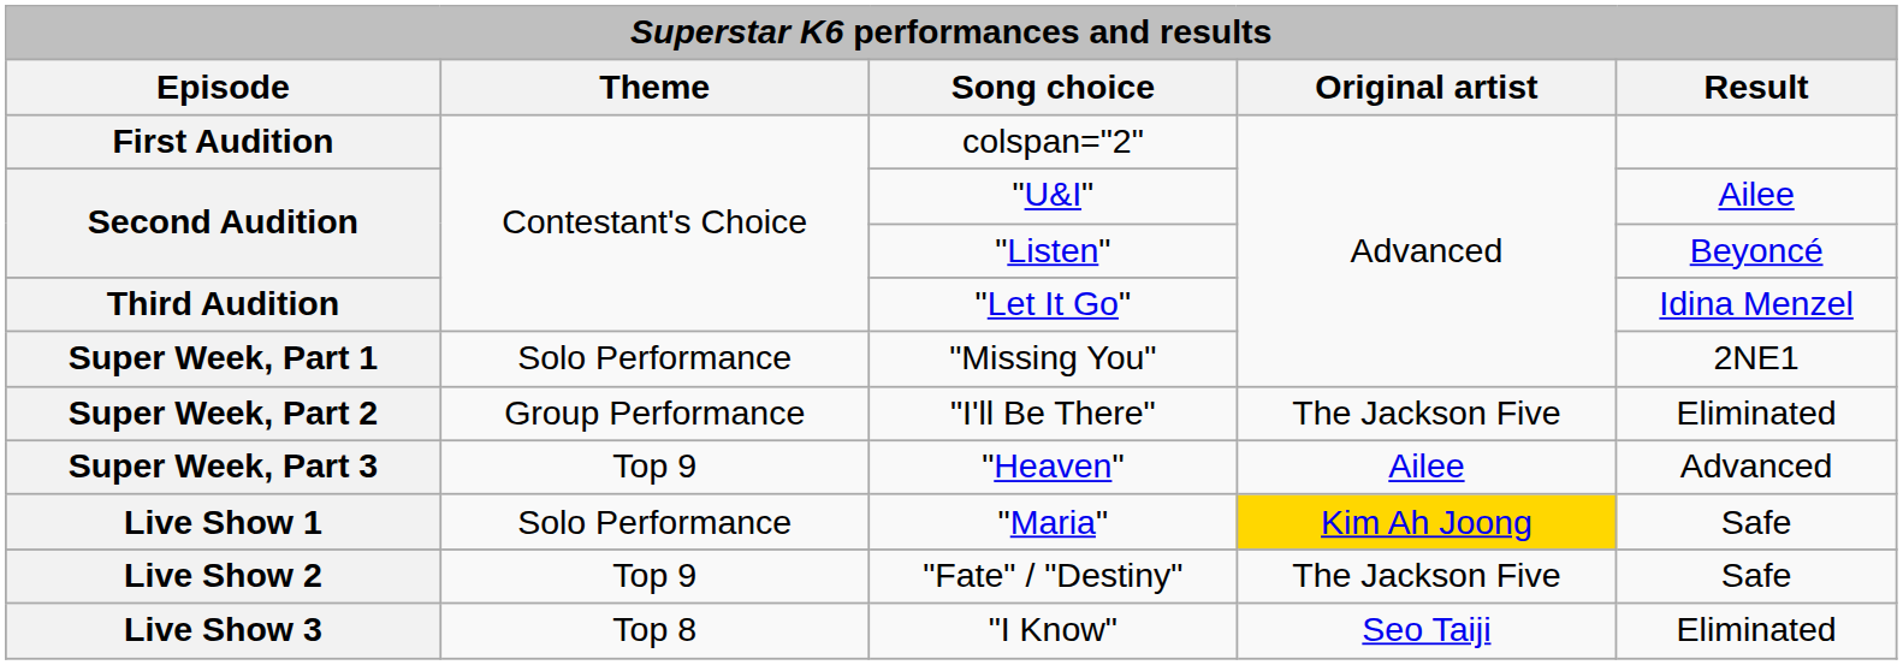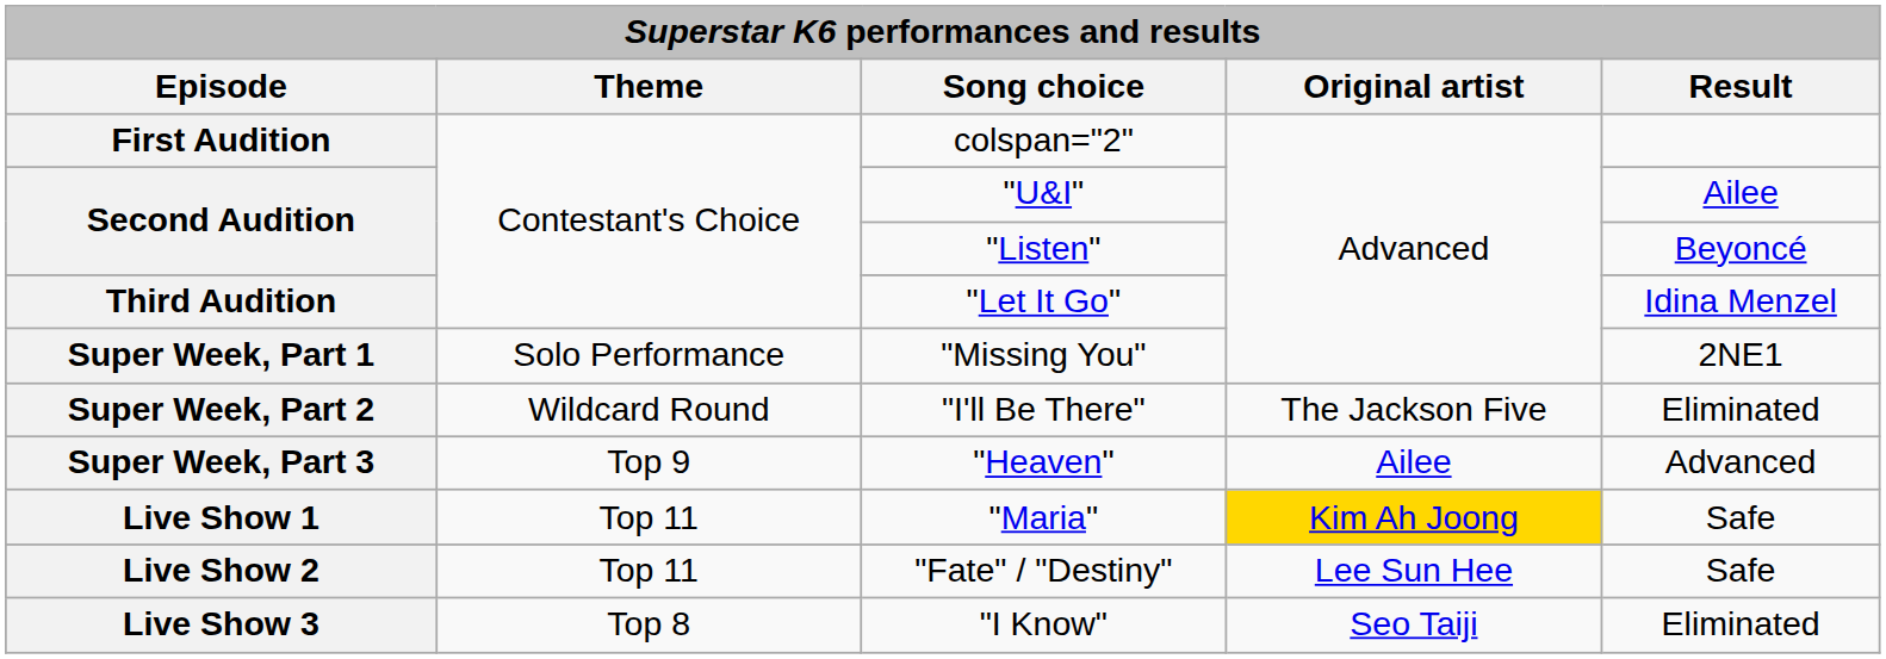 <table class="wikitable collapsible collapsed" style="width:100%; margin:1em auto 1em auto; text-align:center;">
 <tr>
 <th colspan="7" style="background:#BFBFBF;"><em>Superstar K6</em> performances and results</th>
 </tr>
 <tr>
 <th>Episode</th>
 <th>Theme</th>
 <th>Song choice</th>
 <th>Original artist</th>
 <th>Result</th>
 </tr>
 <tr>
 <th>First Audition</th>
 <td rowspan="4">Contestant's Choice</td>
 <td>colspan="2" </td>
 <td rowspan="5">Advanced</td>
 </tr>
 <tr>
 <th rowspan=2>Second Audition</th>
 <td>"<a href='#'>U&I</a>"</td>
 <td><a href='#'>Ailee</a></td>
 </tr>
 <tr>
 <td>"<a href='#'>Listen</a>"</td>
 <td><a href='#'>Beyoncé</a></td>
 </tr>
 <tr>
 <th>Third Audition</th>
 <td>"<a href='#'>Let It Go</a>"</td>
 <td><a href='#'>Idina Menzel</a></td>
 </tr>
 <tr>
 <th>Super Week, Part 1</th>
 <td>Solo Performance</td>
 <td>"Missing You"</td>
 <td>2NE1</td>
 </tr>
 <tr>
 <th>Super Week, Part 2</th>
-<td>Group Performance</td>
+<td>Wildcard Round</td>
 <td>"I'll Be There" </td>
 <td>The Jackson Five</td>
 <td>Eliminated</td>
 </tr>
 <tr>
 <th>Super Week, Part 3</th>
 <td>Top 9</td>
 <td>"<a href='#'>Heaven</a>"</td>
 <td><a href='#'>Ailee</a></td>
 <td>Advanced</td>
 </tr>
 <tr>
 <th>Live Show 1</th>
-<td>Solo Performance</td>
+<td>Top 11</td>
 <td>"<a href='#'>Maria</a>"</td>
 <td style="background: gold;"><a href='#'>Kim Ah Joong</a></td>
 <td>Safe</td>
 </tr>
 <tr>
 <th>Live Show 2</th>
-<td>Top 9</td>
+<td>Top 11</td>
 <td>"Fate" / "Destiny"</td>
-<td>The Jackson Five</td>
+<td><a href='#'>Lee Sun Hee</a></td>
 <td>Safe</td>
 </tr>
 <tr>
 <th>Live Show 3</th>
 <td>Top 8</td>
 <td>"I Know"</td>
 <td><a href='#'>Seo Taiji</a></td>
 <td>Eliminated</td>
 </tr>
 </table>
